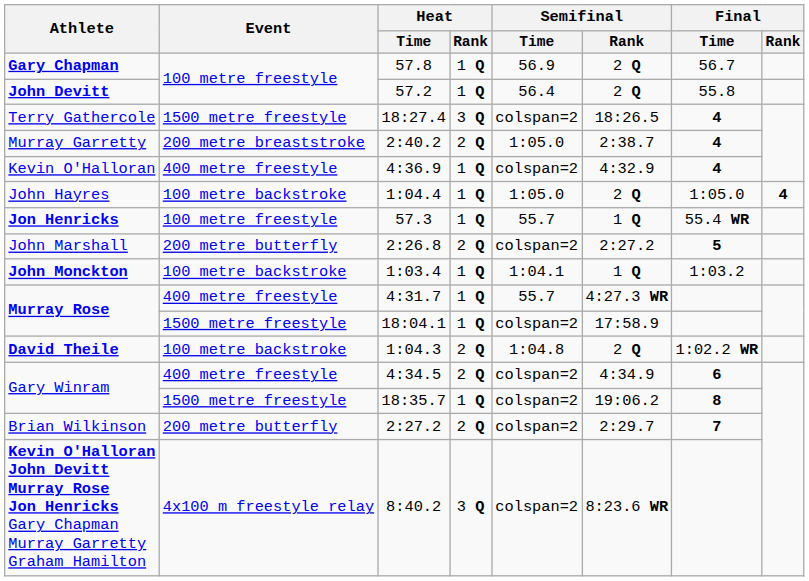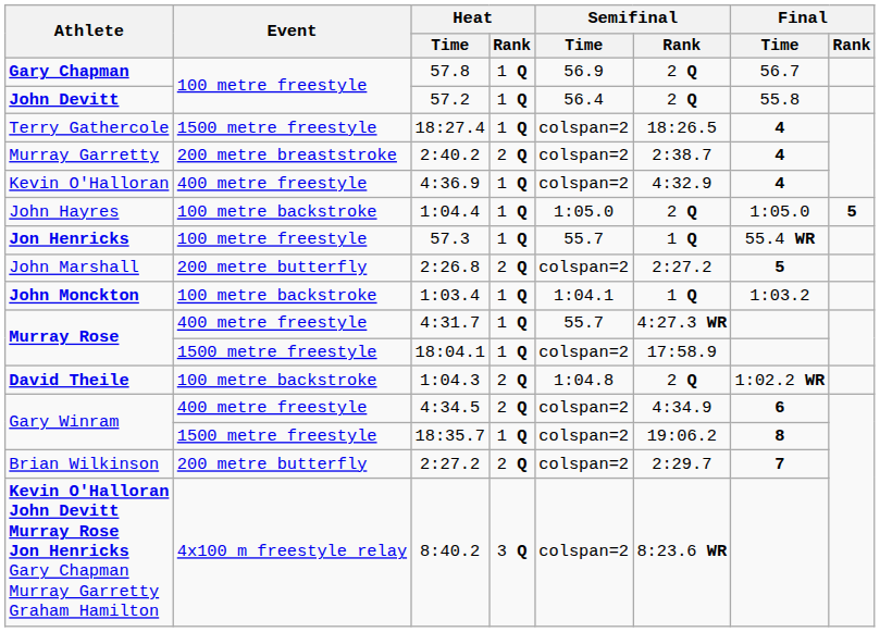 <table class=wikitable style="font-size:90%">
 <tr>
 <th rowspan="2">Athlete</th>
 <th rowspan="2">Event</th>
 <th colspan="2">Heat</th>
 <th colspan="2">Semifinal</th>
 <th colspan="2">Final</th>
 </tr>
 <tr style="font-size:95%">
 <th>Time</th>
 <th>Rank</th>
 <th>Time</th>
 <th>Rank</th>
 <th>Time</th>
 <th>Rank</th>
 </tr>
 <tr align=center>
 <td align=left rowspan=1><strong><a href='#'>Gary Chapman</a></strong></td>
 <td align=left rowspan=2><a href='#'>100 metre freestyle</a></td>
 <td>57.8</td>
 <td>1 <strong>Q</strong></td>
 <td>56.9</td>
 <td>2 <strong>Q</strong></td>
 <td>56.7</td>
 <td></td>
 </tr>
 <tr align=center>
 <td align=left rowspan=1><strong><a href='#'>John Devitt</a></strong></td>
 <td>57.2</td>
 <td>1 <strong>Q</strong></td>
 <td>56.4</td>
 <td>2 <strong>Q</strong></td>
 <td>55.8</td>
 <td></td>
 </tr>
 <tr align=center>
 <td align=left rowspan=1><a href='#'>Terry Gathercole</a></td>
 <td align=left><a href='#'>1500 metre freestyle</a></td>
 <td>18:27.4</td>
-<td>3 <strong>Q</strong></td>
+<td>1 <strong>Q</strong></td>
 <td>colspan=2 </td>
 <td>18:26.5</td>
 <td><strong>4</strong></td>
 </tr>
 <tr align=center>
 <td align=left rowspan=1><a href='#'>Murray Garretty</a></td>
 <td align=left><a href='#'>200 metre breaststroke</a></td>
 <td>2:40.2</td>
 <td>2 <strong>Q</strong></td>
-<td>1:05.0</td>
+<td>colspan=2 </td>
 <td>2:38.7</td>
 <td><strong>4</strong></td>
 </tr>
 <tr align=center>
 <td align=left rowspan=1><a href='#'>Kevin O'Halloran</a></td>
 <td align=left><a href='#'>400 metre freestyle</a></td>
 <td>4:36.9</td>
 <td>1 <strong>Q</strong></td>
 <td>colspan=2 </td>
 <td>4:32.9</td>
 <td><strong>4</strong></td>
 </tr>
 <tr align=center>
 <td align=left rowspan=1><a href='#'>John Hayres</a></td>
 <td align=left><a href='#'>100 metre backstroke</a></td>
 <td>1:04.4</td>
 <td>1 <strong>Q</strong></td>
 <td>1:05.0</td>
 <td>2 <strong>Q</strong></td>
 <td>1:05.0</td>
-<td><strong>4</strong></td>
+<td><strong>5</strong></td>
 </tr>
 <tr align=center>
 <td align=left rowspan=1><strong><a href='#'>Jon Henricks</a></strong></td>
 <td align=left><a href='#'>100 metre freestyle</a></td>
 <td>57.3</td>
 <td>1 <strong>Q</strong></td>
 <td>55.7</td>
 <td>1 <strong>Q</strong></td>
 <td>55.4	<strong>WR</strong></td>
 <td></td>
 </tr>
 <tr align=center>
 <td align=left rowspan=1><a href='#'>John Marshall</a></td>
 <td align=left><a href='#'>200 metre butterfly</a></td>
 <td>2:26.8</td>
 <td>2 <strong>Q</strong></td>
 <td>colspan=2 </td>
 <td>2:27.2</td>
 <td><strong>5</strong></td>
 </tr>
 <tr align=center>
 <td align=left rowspan=1><strong><a href='#'>John Monckton</a></strong></td>
 <td align=left><a href='#'>100 metre backstroke</a></td>
 <td>1:03.4</td>
 <td>1 <strong>Q</strong></td>
 <td>1:04.1</td>
 <td>1 <strong>Q</strong></td>
 <td>1:03.2</td>
 <td></td>
 </tr>
 <tr align=center>
 <td align=left rowspan=2><strong><a href='#'>Murray Rose</a></strong></td>
 <td align=left><a href='#'>400 metre freestyle</a></td>
 <td>4:31.7</td>
 <td>1 <strong>Q</strong></td>
 <td>55.7</td>
 <td>4:27.3	<strong>WR</strong></td>
 <td></td>
 </tr>
 <tr align=center>
 <td align=left><a href='#'>1500 metre freestyle</a></td>
 <td>18:04.1</td>
 <td>1 <strong>Q</strong></td>
 <td>colspan=2 </td>
 <td>17:58.9</td>
 <td></td>
 </tr>
 <tr align=center>
 <td align=left rowspan=1><strong><a href='#'>David Theile</a></strong></td>
 <td align=left><a href='#'>100 metre backstroke</a></td>
 <td>1:04.3</td>
 <td>2 <strong>Q</strong></td>
 <td>1:04.8</td>
 <td>2 <strong>Q</strong></td>
 <td>1:02.2	<strong>WR</strong></td>
 <td></td>
 </tr>
 <tr align=center>
 <td align=left rowspan=2><a href='#'>Gary Winram</a></td>
 <td align=left><a href='#'>400 metre freestyle</a></td>
 <td>4:34.5</td>
 <td>2 <strong>Q</strong></td>
 <td>colspan=2 </td>
 <td>4:34.9</td>
 <td><strong>6</strong></td>
 </tr>
 <tr align=center>
 <td align=left><a href='#'>1500 metre freestyle</a></td>
 <td>18:35.7</td>
 <td>1 <strong>Q</strong></td>
 <td>colspan=2 </td>
 <td>19:06.2</td>
 <td><strong>8</strong></td>
 </tr>
 <tr align=center>
 <td align=left rowspan=1><a href='#'>Brian Wilkinson</a></td>
 <td align=left><a href='#'>200 metre butterfly</a></td>
 <td>2:27.2</td>
 <td>2 <strong>Q</strong></td>
 <td>colspan=2 </td>
 <td>2:29.7</td>
 <td><strong>7</strong></td>
 </tr>
 <tr align=center>
 <td align=left rowspan=1><strong><a href='#'>Kevin O'Halloran</a><br><a href='#'>John Devitt</a><br><a href='#'>Murray Rose</a><br><a href='#'>Jon Henricks</a></strong><br><a href='#'>Gary Chapman</a><br><a href='#'>Murray Garretty</a><br><a href='#'>Graham Hamilton</a></td>
 <td align=left><a href='#'>4x100 m freestyle relay</a></td>
 <td>8:40.2</td>
 <td>3 <strong>Q</strong></td>
 <td>colspan=2 </td>
 <td>8:23.6 <strong>WR</strong></td>
 <td></td>
 </tr>
 </table>
